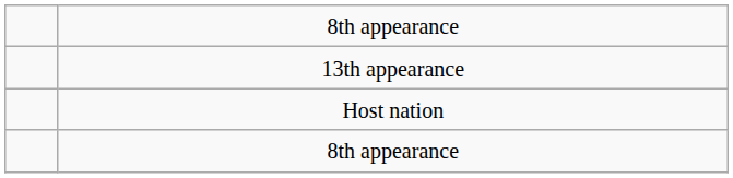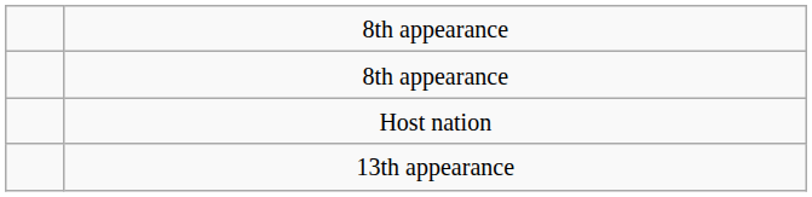 <table class="wikitable" width=35%>
 <tr align=center>
 <td></td>
 <td><small>8th appearance</small></td>
 </tr>
 <tr align=center>
 <td></td>
-<td><small>13th appearance</small></td>
+<td><small>8th appearance</small></td>
 </tr>
 <tr align=center>
 <td></td>
 <td><small>Host nation</small></td>
 </tr>
 <tr align=center>
 <td></td>
-<td><small>8th appearance</small></td>
+<td><small>13th appearance</small></td>
 </tr>
 </table>
